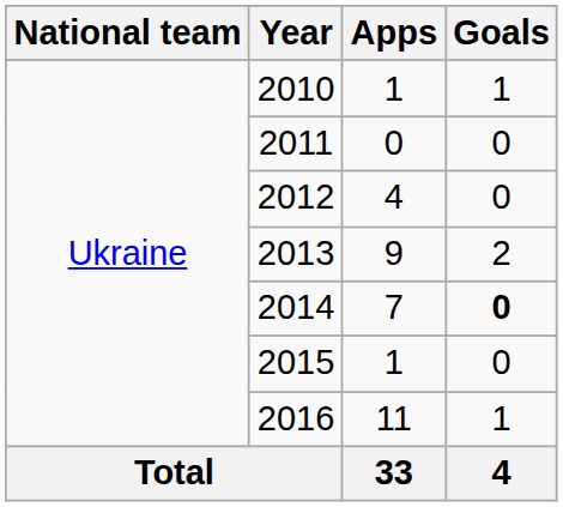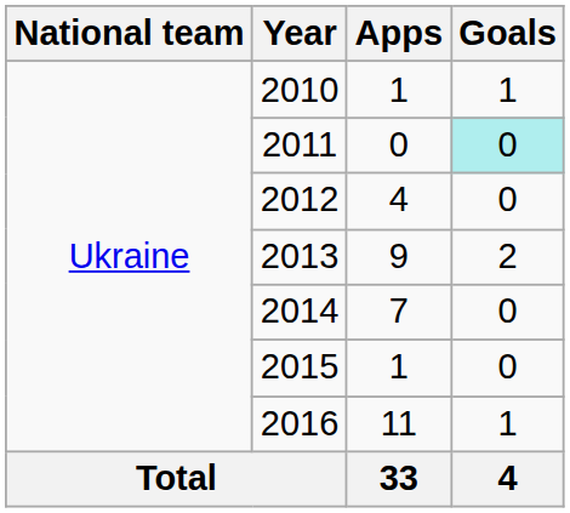 <table class="wikitable" style="text-align:center">
 <tr>
 <th>National team</th>
 <th>Year</th>
 <th>Apps</th>
 <th>Goals</th>
 </tr>
 <tr>
 <td rowspan="7"><a href='#'>Ukraine</a></td>
 <td>2010</td>
 <td>1</td>
 <td>1</td>
 </tr>
 <tr>
 <td>2011</td>
 <td>0</td>
-<td>0</td>
+<td style="background: paleturquoise;">0</td>
 </tr>
 <tr>
 <td>2012</td>
 <td>4</td>
 <td>0</td>
 </tr>
 <tr>
 <td>2013</td>
 <td>9</td>
 <td>2</td>
 </tr>
 <tr>
 <td>2014</td>
 <td>7</td>
-<td><strong>0</strong></td>
+<td>0</td>
 </tr>
 <tr>
 <td>2015</td>
 <td>1</td>
 <td>0</td>
 </tr>
 <tr>
 <td>2016</td>
 <td>11</td>
 <td>1</td>
 </tr>
 <tr>
 <th colspan="2">Total</th>
 <th>33</th>
 <th>4</th>
 </tr>
 </table>
